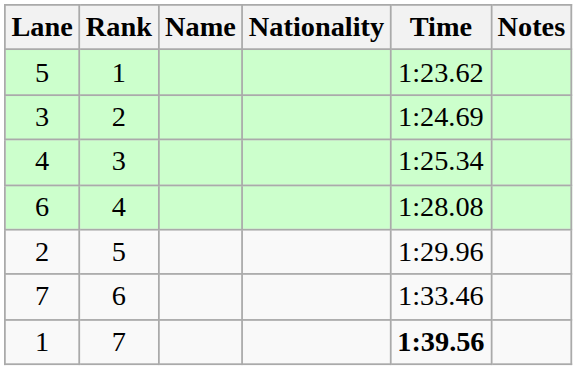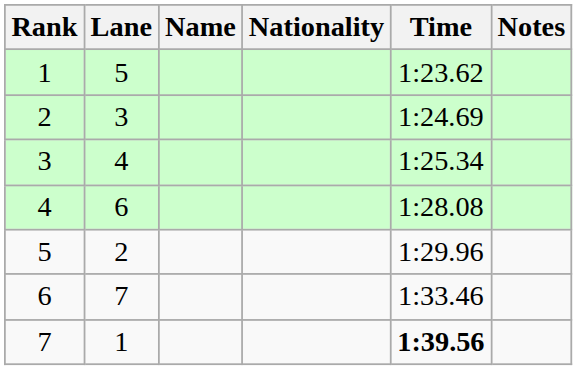 <table class="wikitable sortable" style="text-align:center">
 <tr>
+<th>Rank</th>
 <th>Lane</th>
-<th>Rank</th>
 <th>Name</th>
 <th>Nationality</th>
 <th>Time</th>
 <th>Notes</th>
 </tr>
 <tr bgcolor=ccffcc>
+<td>1</td>
 <td>5</td>
-<td>1</td>
 <td align=left></td>
 <td align=left></td>
 <td>1:23.62</td>
 <td><strong></strong></td>
 </tr>
 <tr bgcolor=ccffcc>
+<td>2</td>
 <td>3</td>
-<td>2</td>
 <td align=left></td>
 <td align=left></td>
 <td>1:24.69</td>
 <td><strong></strong></td>
 </tr>
 <tr bgcolor=ccffcc>
+<td>3</td>
 <td>4</td>
-<td>3</td>
 <td align=left></td>
 <td align=left></td>
 <td>1:25.34</td>
 <td><strong></strong></td>
 </tr>
 <tr bgcolor=ccffcc>
+<td>4</td>
 <td>6</td>
-<td>4</td>
 <td align=left></td>
 <td align=left></td>
 <td>1:28.08</td>
 <td><strong></strong></td>
 </tr>
 <tr>
+<td>5</td>
 <td>2</td>
-<td>5</td>
 <td align=left></td>
 <td align=left></td>
 <td>1:29.96</td>
 <td></td>
 </tr>
 <tr>
+<td>6</td>
 <td>7</td>
-<td>6</td>
 <td align=left></td>
 <td align=left></td>
 <td>1:33.46</td>
 <td></td>
 </tr>
 <tr>
+<td>7</td>
 <td>1</td>
-<td>7</td>
 <td align=left></td>
 <td align=left></td>
 <td><strong>1:39.56</strong></td>
 <td></td>
 </tr>
 </table>
